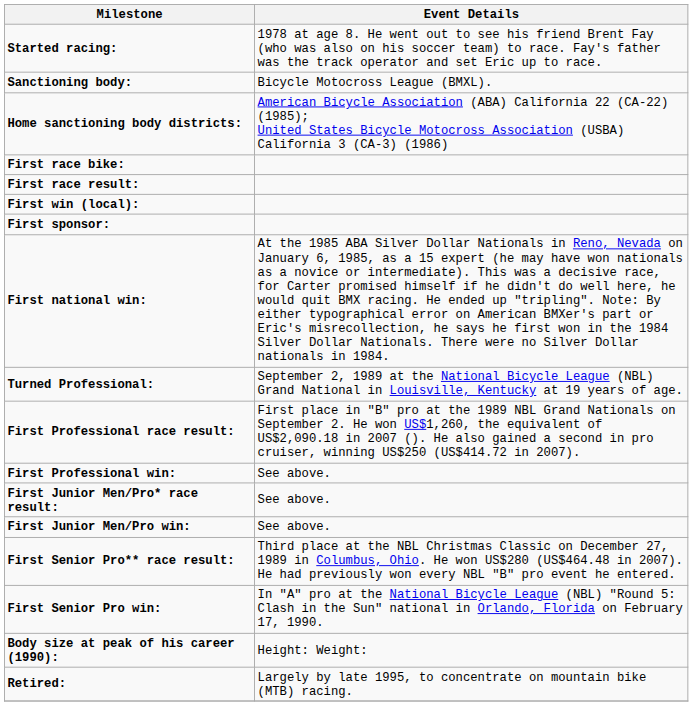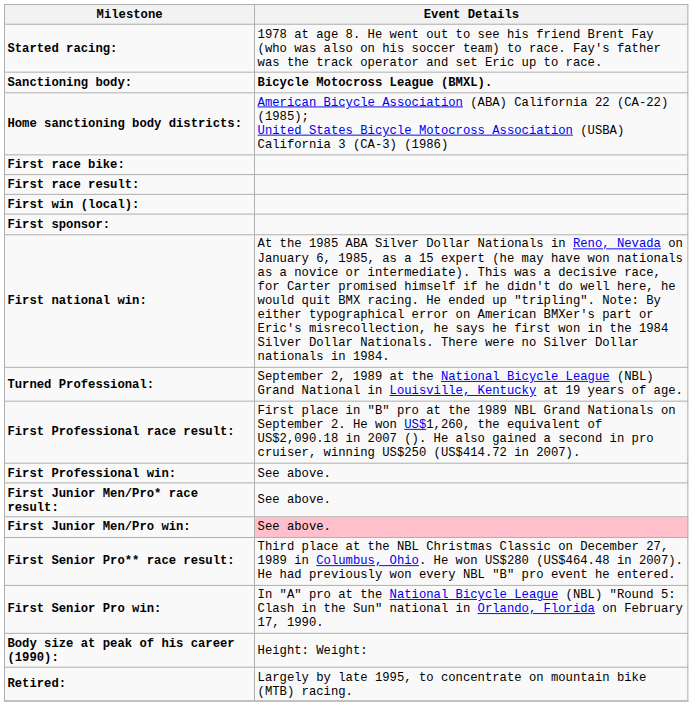 <table class="sortable wikitable">
 <tr>
 <th style="width:20em">Milestone</th>
 <th style="width:35em">Event Details</th>
 </tr>
 <tr>
 <td><strong>Started racing:</strong></td>
 <td>1978 at age 8. He went out to see his friend Brent Fay (who was also on his soccer team) to race. Fay's father was the track operator and set Eric up to race.</td>
 </tr>
 <tr>
 <td><strong>Sanctioning body:</strong></td>
-<td>Bicycle Motocross League (BMXL).</td>
+<td><strong>Bicycle Motocross League (BMXL).</strong></td>
 </tr>
 <tr>
 <td><strong>Home sanctioning body districts:</strong></td>
 <td><a href='#'>American Bicycle Association</a> (ABA) California 22 (CA-22) (1985);<br> <a href='#'>United States Bicycle Motocross Association</a> (USBA) California 3 (CA-3) (1986)</td>
 </tr>
 <tr>
 <td><strong>First race bike:</strong></td>
 <td></td>
 </tr>
 <tr>
 <td><strong>First race result:</strong></td>
 <td></td>
 </tr>
 <tr>
 <td><strong>First win (local):</strong></td>
 <td></td>
 </tr>
 <tr>
 <td><strong>First sponsor:</strong></td>
 <td></td>
 </tr>
 <tr>
 <td><strong>First national win:</strong></td>
 <td>At the 1985 ABA Silver Dollar Nationals in <a href='#'>Reno, Nevada</a> on January 6, 1985, as a 15 expert (he may have won nationals as a novice or intermediate). This was a decisive race, for Carter promised himself if he didn't do well here, he would quit BMX racing. He ended up "tripling". Note: By either typographical error on American BMXer's part or Eric's misrecollection, he says he first won in the 1984 Silver Dollar Nationals. There were no Silver Dollar nationals in 1984.</td>
 </tr>
 <tr>
 <td><strong>Turned Professional:</strong></td>
 <td>September 2, 1989 at the <a href='#'>National Bicycle League</a> (NBL) Grand National in <a href='#'>Louisville, Kentucky</a> at 19 years of age.</td>
 </tr>
 <tr>
 <td><strong>First Professional race result:</strong></td>
 <td>First place in "B" pro at the 1989 NBL Grand Nationals on September 2. He won <a href='#'>US$</a>1,260, the equivalent of US$2,090.18 in 2007 (). He also gained a second in pro cruiser, winning US$250 (US$414.72 in 2007).</td>
 </tr>
 <tr>
 <td><strong>First Professional win:</strong></td>
 <td>See above.</td>
 </tr>
 <tr>
 <td><strong>First Junior Men/Pro* race result:</strong></td>
 <td>See above.</td>
 </tr>
 <tr>
 <td><strong>First Junior Men/Pro win:</strong></td>
-<td>See above.</td>
+<td style="background: pink;">See above.</td>
 </tr>
 <tr>
 <td><strong>First Senior Pro** race result:</strong></td>
 <td>Third place at the NBL Christmas Classic on December 27, 1989 in <a href='#'>Columbus, Ohio</a>. He won US$280 (US$464.48 in 2007). He had previously won every NBL "B" pro event he entered. </td>
 </tr>
 <tr>
 <td><strong>First Senior Pro win:</strong></td>
 <td>In "A" pro at the <a href='#'>National Bicycle League</a> (NBL) "Round 5: Clash in the Sun" national in <a href='#'>Orlando, Florida</a> on February 17, 1990.</td>
 </tr>
 <tr>
 <td><strong>Body size at peak of his career (1990):</strong></td>
 <td>Height:  Weight: </td>
 </tr>
 <tr>
 <td><strong>Retired:</strong></td>
 <td>Largely by late 1995, to concentrate on mountain bike (MTB) racing.</td>
 </tr>
 <tr>
 </tr>
 </table>
